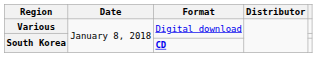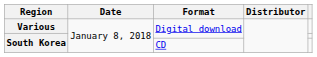 <table class="wikitable plainrowheaders">
 <tr>
 <th scope="col">Region</th>
 <th scope="col">Date</th>
 <th scope="col">Format</th>
 <th scope="col">Distributor</th>
 <th scope="col"></th>
 </tr>
 <tr>
 <th scope="row">Various</th>
 <td rowspan="3">January 8, 2018</td>
 <td rowspan="2"><a href='#'>Digital download</a></td>
 <td rowspan="3"></td>
 <td></td>
 </tr>
 <tr>
 <th scope="row" rowspan="2">South Korea</th>
 <td></td>
 </tr>
 <tr>
-<td><strong><a href='#'>CD</a></strong></td>
+<td><a href='#'>CD</a></td>
 <td></td>
 </tr>
 </table>
